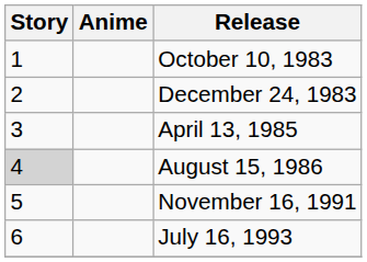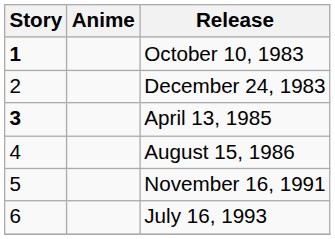 <table class="wikitable">
 <tr>
 <th>Story</th>
 <th>Anime</th>
 <th>Release</th>
 </tr>
 <tr>
-<td>1</td>
+<td><strong>1</strong></td>
 <td></td>
 <td>October 10, 1983</td>
 </tr>
 <tr>
 <td>2</td>
 <td></td>
 <td>December 24, 1983</td>
 </tr>
 <tr>
-<td>3</td>
+<td><strong>3</strong></td>
 <td></td>
 <td>April 13, 1985</td>
 </tr>
 <tr>
-<td style="background: lightgrey;">4</td>
+<td>4</td>
 <td></td>
 <td>August 15, 1986</td>
 </tr>
 <tr>
 <td>5</td>
 <td></td>
 <td>November 16, 1991</td>
 </tr>
 <tr>
 <td>6</td>
 <td></td>
 <td>July 16, 1993</td>
 </tr>
 <tr>
 </tr>
 </table>
